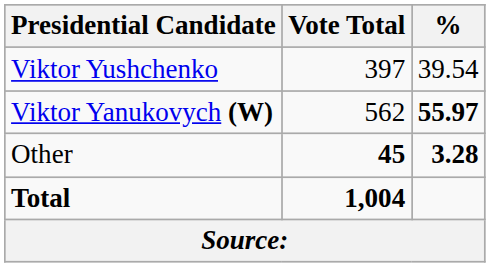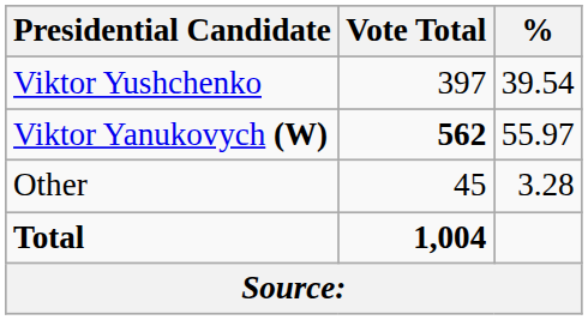 <table class="wikitable">
 <tr>
 <th>Presidential Candidate</th>
 <th>Vote Total</th>
 <th>%</th>
 </tr>
 <tr>
 <td><a href='#'>Viktor Yushchenko</a></td>
 <td align="right">397</td>
 <td align="right">39.54</td>
 </tr>
 <tr>
 <td><a href='#'>Viktor Yanukovych</a>  <strong>(W)</strong></td>
-<td align="right">562</td>
-<td align="right"><strong>55.97</strong></td>
+<td align="right"><strong>562</strong></td>
+<td align="right">55.97</td>
 </tr>
 <tr>
 <td>Other</td>
-<td align="right"><strong>45</strong></td>
-<td align="right"><strong>3.28</strong></td>
+<td align="right">45</td>
+<td align="right">3.28</td>
 </tr>
 <tr>
 <td><strong>Total</strong></td>
 <td align="right"><strong>1,004</strong></td>
 <td></td>
 </tr>
 <tr>
 <th colspan="6"><em>Source: </em></th>
 </tr>
 </table>
